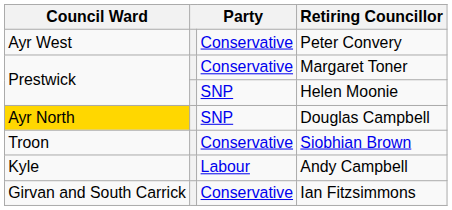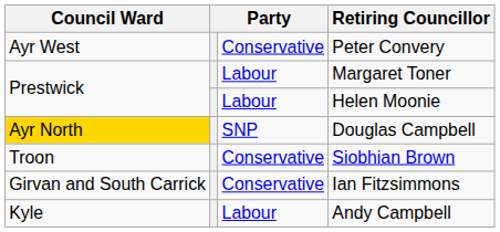 <table class="wikitable sortable">
 <tr>
 <th scope="col">Council Ward</th>
 <th scope="col"; colspan="2">Party</th>
 <th scope="col">Retiring Councillor</th>
 </tr>
 <tr>
 <td scope="row">Ayr West</td>
 <th style="background-color: "></th>
 <td><a href='#'>Conservative</a></td>
 <td>Peter Convery</td>
 </tr>
 <tr>
 <td scope="row"; rowspan="2">Prestwick</td>
 <th style="background-color: "></th>
-<td><a href='#'>Conservative</a></td>
+<td><a href='#'>Labour</a></td>
 <td>Margaret Toner</td>
 </tr>
 <tr>
 <th style="background-color: "></th>
-<td><a href='#'>SNP</a></td>
+<td><a href='#'>Labour</a></td>
 <td>Helen Moonie</td>
 </tr>
 <tr>
 <td scope="row" style="background: gold;">Ayr North</td>
 <th style="background-color: "></th>
 <td><a href='#'>SNP</a></td>
 <td>Douglas Campbell</td>
 </tr>
 <tr>
 <td scope="row">Troon</td>
 <th style="background-color: "></th>
 <td><a href='#'>Conservative</a></td>
 <td><a href='#'>Siobhian Brown</a></td>
 </tr>
 <tr>
+<td scope="row">Girvan and South Carrick</td>
+<th style="background-color: "></th>
+<td><a href='#'>Conservative</a></td>
+<td>Ian Fitzsimmons</td>
+</tr>
+<tr>
 <td scope="row">Kyle</td>
 <th style="background-color: "></th>
 <td><a href='#'>Labour</a></td>
 <td>Andy Campbell</td>
 </tr>
-<tr>
-<td scope="row">Girvan and South Carrick</td>
-<th style="background-color: "></th>
-<td><a href='#'>Conservative</a></td>
-<td>Ian Fitzsimmons</td>
-</tr>
 </table>
